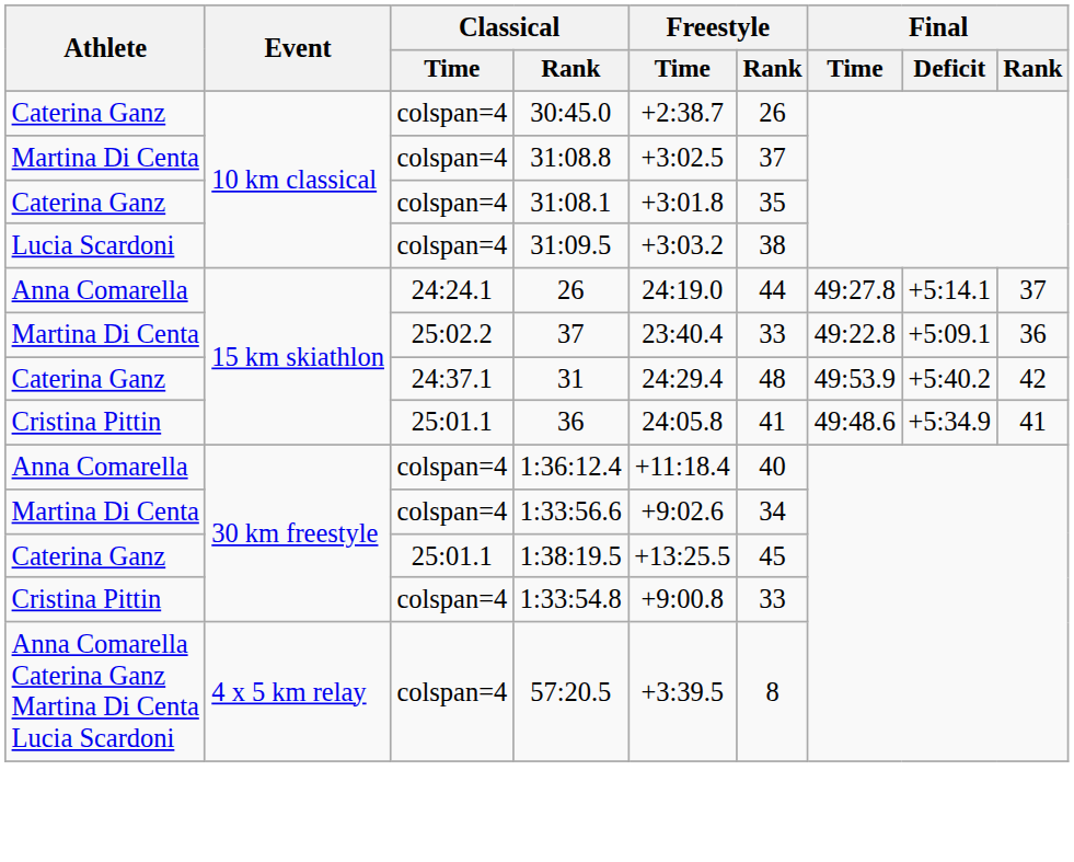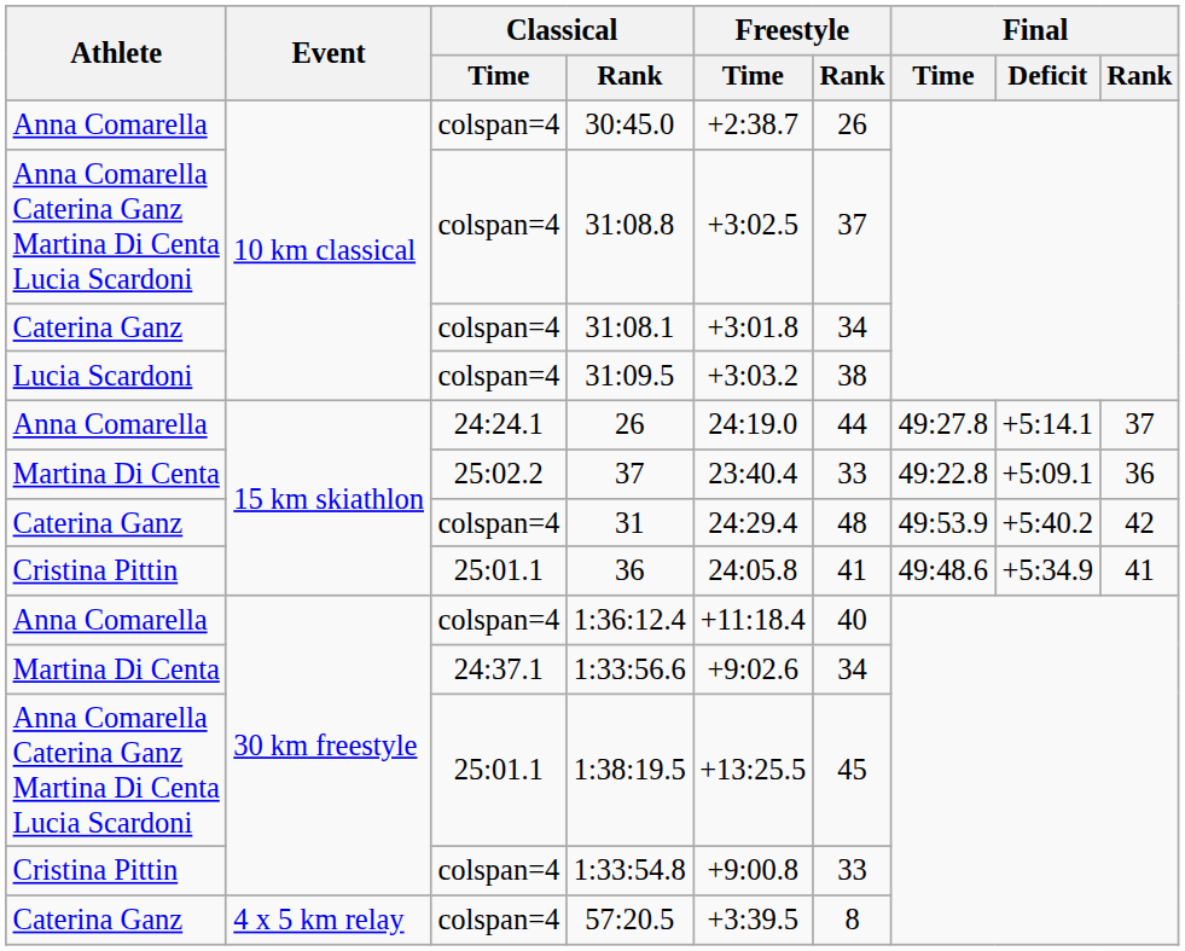 <table class=wikitable style=font-size:90%;text-align:center>
 <tr>
 <th rowspan=2>Athlete</th>
 <th rowspan=2>Event</th>
 <th colspan=2>Classical</th>
 <th colspan=2>Freestyle</th>
 <th colspan=3>Final</th>
 </tr>
 <tr style="font-size: 95%">
 <th>Time</th>
 <th>Rank</th>
 <th>Time</th>
 <th>Rank</th>
 <th>Time</th>
 <th>Deficit</th>
 <th>Rank</th>
 </tr>
 <tr>
-<td align=left><a href='#'>Caterina Ganz</a></td>
+<td align=left><a href='#'>Anna Comarella</a></td>
 <td align=left rowspan=4><a href='#'>10 km classical</a></td>
 <td>colspan=4</td>
 <td>30:45.0</td>
 <td>+2:38.7</td>
 <td>26</td>
 </tr>
 <tr>
-<td align=left><a href='#'>Martina Di Centa</a></td>
+<td align=left><a href='#'>Anna Comarella</a><br><a href='#'>Caterina Ganz</a><br><a href='#'>Martina Di Centa</a><br><a href='#'>Lucia Scardoni</a></td>
 <td>colspan=4</td>
 <td>31:08.8</td>
 <td>+3:02.5</td>
 <td>37</td>
 </tr>
 <tr>
 <td align=left><a href='#'>Caterina Ganz</a></td>
 <td>colspan=4</td>
 <td>31:08.1</td>
 <td>+3:01.8</td>
-<td>35</td>
+<td>34</td>
 </tr>
 <tr>
 <td align=left><a href='#'>Lucia Scardoni</a></td>
 <td>colspan=4</td>
 <td>31:09.5</td>
 <td>+3:03.2</td>
 <td>38</td>
 </tr>
 <tr>
 <td align=left><a href='#'>Anna Comarella</a></td>
 <td align=left rowspan=4><a href='#'>15 km skiathlon</a></td>
 <td>24:24.1</td>
 <td>26</td>
 <td>24:19.0</td>
 <td>44</td>
 <td>49:27.8</td>
 <td>+5:14.1</td>
 <td>37</td>
 </tr>
 <tr>
 <td align=left><a href='#'>Martina Di Centa</a></td>
 <td>25:02.2</td>
 <td>37</td>
 <td>23:40.4</td>
 <td>33</td>
 <td>49:22.8</td>
 <td>+5:09.1</td>
 <td>36</td>
 </tr>
 <tr>
 <td align=left><a href='#'>Caterina Ganz</a></td>
-<td>24:37.1</td>
+<td>colspan=4</td>
 <td>31</td>
 <td>24:29.4</td>
 <td>48</td>
 <td>49:53.9</td>
 <td>+5:40.2</td>
 <td>42</td>
 </tr>
 <tr>
 <td align=left><a href='#'>Cristina Pittin</a></td>
 <td>25:01.1</td>
 <td>36</td>
 <td>24:05.8</td>
 <td>41</td>
 <td>49:48.6</td>
 <td>+5:34.9</td>
 <td>41</td>
 </tr>
 <tr>
 <td align=left><a href='#'>Anna Comarella</a></td>
 <td align=left rowspan=4><a href='#'>30 km freestyle</a></td>
 <td>colspan=4</td>
 <td>1:36:12.4</td>
 <td>+11:18.4</td>
 <td>40</td>
 </tr>
 <tr>
 <td align=left><a href='#'>Martina Di Centa</a></td>
-<td>colspan=4</td>
+<td>24:37.1</td>
 <td>1:33:56.6</td>
 <td>+9:02.6</td>
 <td>34</td>
 </tr>
 <tr>
-<td align=left><a href='#'>Caterina Ganz</a></td>
+<td align=left><a href='#'>Anna Comarella</a><br><a href='#'>Caterina Ganz</a><br><a href='#'>Martina Di Centa</a><br><a href='#'>Lucia Scardoni</a></td>
 <td>25:01.1</td>
 <td>1:38:19.5</td>
 <td>+13:25.5</td>
 <td>45</td>
 </tr>
 <tr>
 <td align=left><a href='#'>Cristina Pittin</a></td>
 <td>colspan=4</td>
 <td>1:33:54.8</td>
 <td>+9:00.8</td>
 <td>33</td>
 </tr>
 <tr>
-<td align=left><a href='#'>Anna Comarella</a><br><a href='#'>Caterina Ganz</a><br><a href='#'>Martina Di Centa</a><br><a href='#'>Lucia Scardoni</a></td>
+<td align=left><a href='#'>Caterina Ganz</a></td>
 <td align=left><a href='#'>4 x 5 km relay</a></td>
 <td>colspan=4 </td>
 <td>57:20.5</td>
 <td>+3:39.5</td>
 <td>8</td>
 </tr>
 </table>
